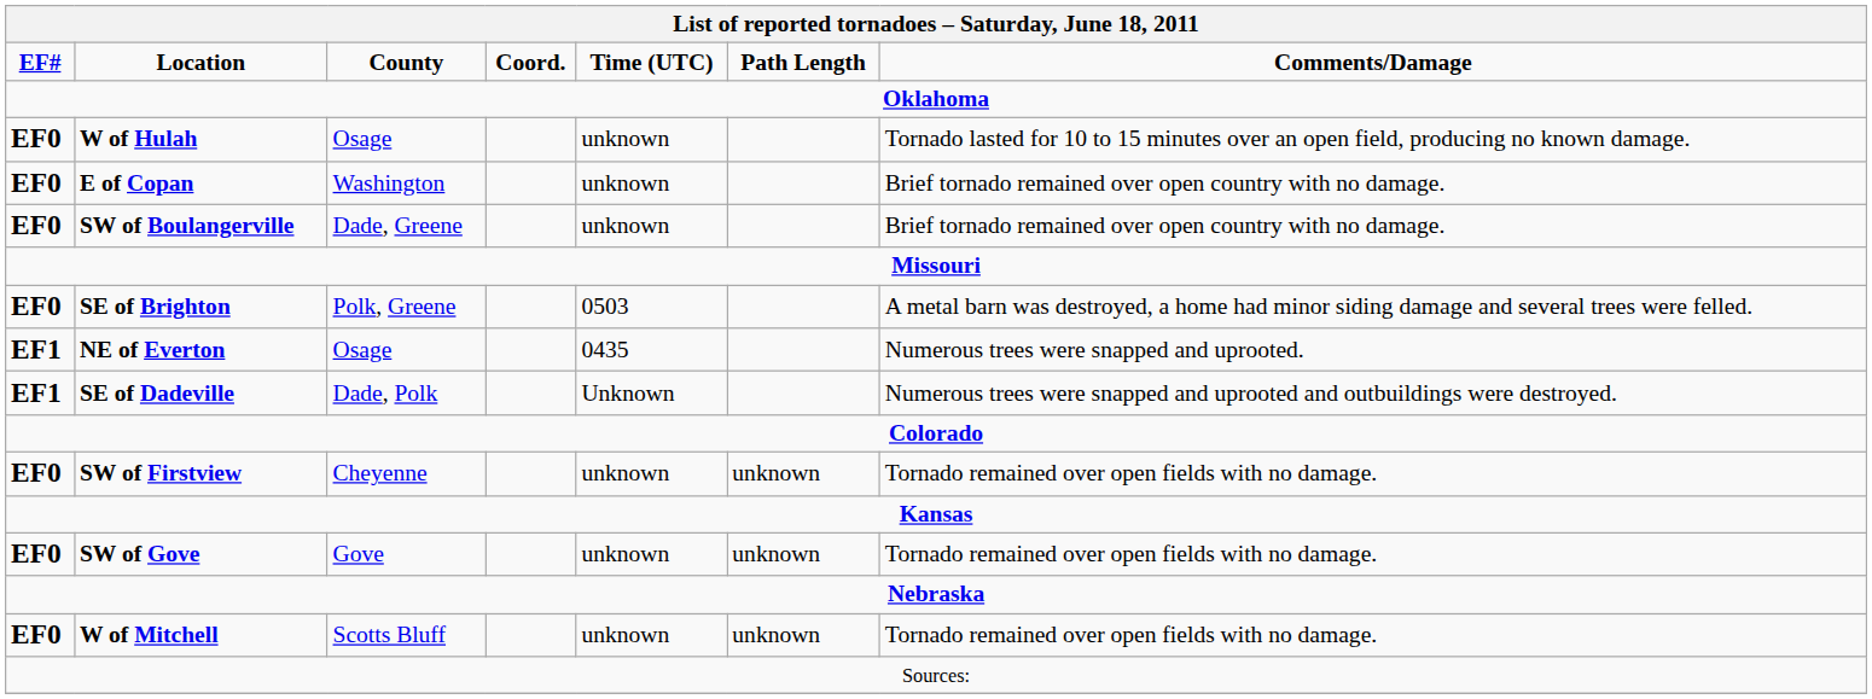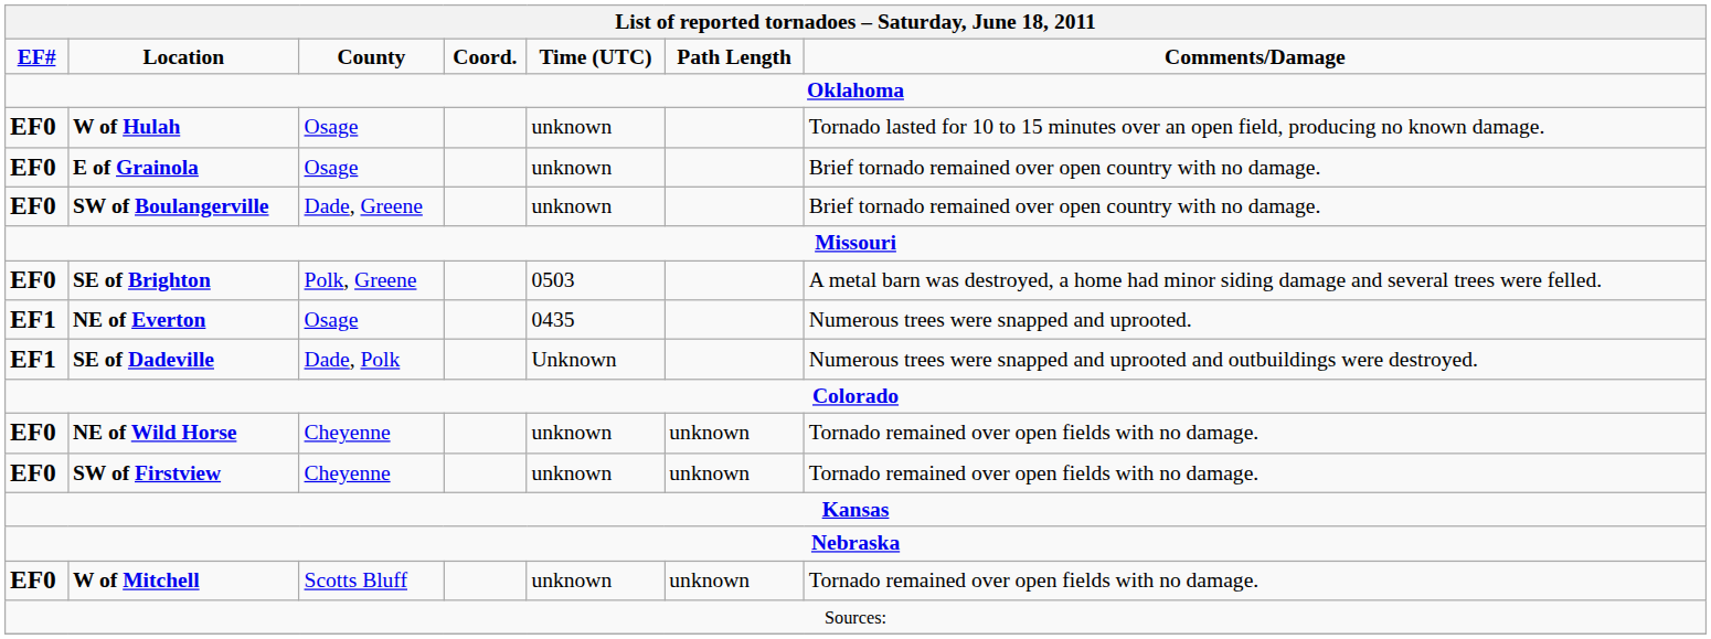 <table class="wikitable collapsible" width="100%">
 <tr>
 <th colspan="7">List of reported tornadoes – Saturday, June 18, 2011</th>
 </tr>
 <tr style="text-align:center;">
 <td><strong><a href='#'>EF#</a></strong></td>
 <td><strong>Location</strong></td>
 <td><strong>County</strong></td>
 <td><strong>Coord.</strong></td>
 <td><strong>Time (UTC)</strong></td>
 <td><strong>Path Length</strong></td>
 <td><strong>Comments/Damage</strong></td>
 </tr>
 <tr>
 <td colspan="7" align=center><strong><a href='#'>Oklahoma</a></strong></td>
 </tr>
 <tr>
 <td><big><strong>EF0</strong></big></td>
 <td><strong>W of <a href='#'>Hulah</a></strong></td>
 <td><a href='#'>Osage</a></td>
 <td></td>
 <td>unknown</td>
 <td></td>
 <td>Tornado lasted for 10 to 15 minutes over an open field, producing no known damage.</td>
 </tr>
 <tr>
 <td><big><strong>EF0</strong></big></td>
-<td><strong>E of <a href='#'>Copan</a></strong></td>
-<td><a href='#'>Washington</a></td>
+<td><strong>E of <a href='#'>Grainola</a></strong></td>
+<td><a href='#'>Osage</a></td>
 <td></td>
 <td>unknown</td>
 <td></td>
 <td>Brief tornado remained over open country with no damage.</td>
 </tr>
 <tr>
 <td><big><strong>EF0</strong></big></td>
 <td><strong>SW of <a href='#'>Boulangerville</a></strong></td>
 <td><a href='#'>Dade</a>, <a href='#'>Greene</a></td>
 <td></td>
 <td>unknown</td>
 <td></td>
 <td>Brief tornado remained over open country with no damage.</td>
 </tr>
 <tr>
 <td colspan="7" align=center><strong><a href='#'>Missouri</a></strong></td>
 </tr>
 <tr>
 <td><big><strong>EF0</strong></big></td>
 <td><strong>SE of <a href='#'>Brighton</a></strong></td>
 <td><a href='#'>Polk</a>, <a href='#'>Greene</a></td>
 <td></td>
 <td>0503</td>
 <td></td>
 <td>A metal barn was destroyed, a home had minor siding damage and several trees were felled.</td>
 </tr>
 <tr>
 <td><big><strong>EF1</strong></big></td>
 <td><strong>NE of <a href='#'>Everton</a></strong></td>
 <td><a href='#'>Osage</a></td>
 <td></td>
 <td>0435</td>
 <td></td>
 <td>Numerous trees were snapped and uprooted.</td>
 </tr>
 <tr>
 <td><big><strong>EF1</strong></big></td>
 <td><strong>SE of <a href='#'>Dadeville</a></strong></td>
 <td><a href='#'>Dade</a>, <a href='#'>Polk</a></td>
 <td></td>
 <td>Unknown</td>
 <td></td>
 <td>Numerous trees were snapped and uprooted and outbuildings were destroyed.</td>
 </tr>
 <tr>
 <td colspan="7" align=center><strong><a href='#'>Colorado</a></strong></td>
 </tr>
 <tr>
 <td><big><strong>EF0</strong></big></td>
+<td><strong>NE of <a href='#'>Wild Horse</a></strong></td>
+<td><a href='#'>Cheyenne</a></td>
+<td></td>
+<td>unknown</td>
+<td>unknown</td>
+<td>Tornado remained over open fields with no damage.</td>
+</tr>
+<tr>
+<td><big><strong>EF0</strong></big></td>
 <td><strong>SW of <a href='#'>Firstview</a></strong></td>
 <td><a href='#'>Cheyenne</a></td>
 <td></td>
 <td>unknown</td>
 <td>unknown</td>
 <td>Tornado remained over open fields with no damage.</td>
 </tr>
 <tr>
 <td colspan="7" align=center><strong><a href='#'>Kansas</a></strong></td>
-</tr>
-<tr>
-<td><big><strong>EF0</strong></big></td>
-<td><strong>SW of <a href='#'>Gove</a></strong></td>
-<td><a href='#'>Gove</a></td>
-<td></td>
-<td>unknown</td>
-<td>unknown</td>
-<td>Tornado remained over open fields with no damage.</td>
 </tr>
 <tr>
 <td colspan="7" align=center><strong><a href='#'>Nebraska</a></strong></td>
 </tr>
 <tr>
 <td><big><strong>EF0</strong></big></td>
 <td><strong>W of <a href='#'>Mitchell</a></strong></td>
 <td><a href='#'>Scotts Bluff</a></td>
 <td></td>
 <td>unknown</td>
 <td>unknown</td>
 <td>Tornado remained over open fields with no damage.</td>
 </tr>
 <tr>
 <td colspan="7" align=center><small>Sources: </small></td>
 </tr>
 <tr>
 </tr>
 </table>
